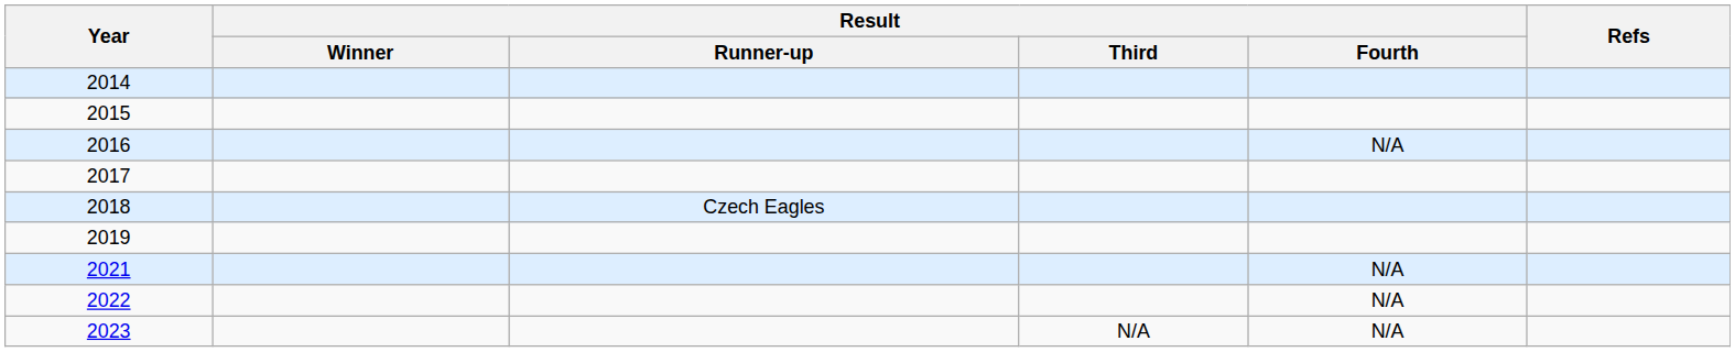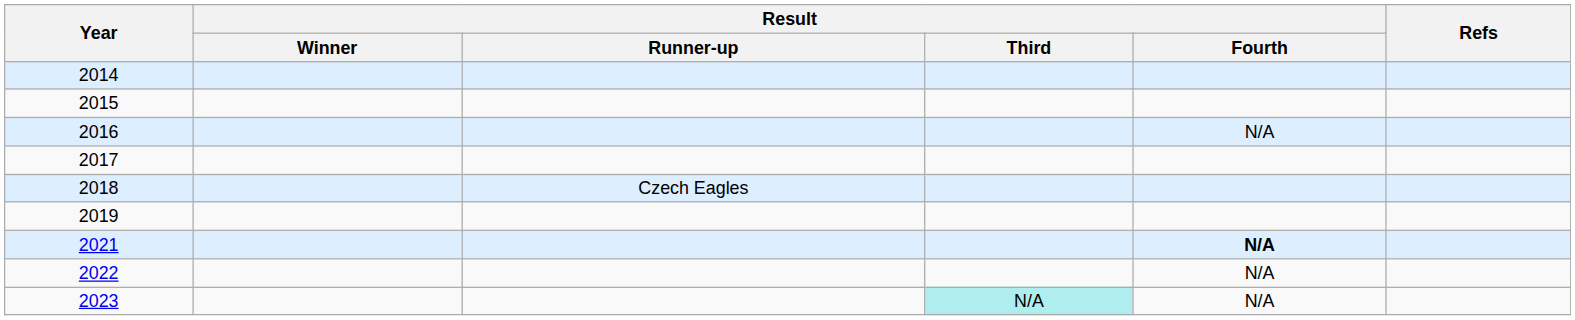 <table class="wikitable" style="font-size:90%; width: 100%; text-align: center;">
 <tr>
 <th rowspan=2>Year</th>
 <th colspan=4>Result</th>
 <th rowspan=2>Refs</th>
 </tr>
 <tr>
 <th>Winner</th>
 <th>Runner-up</th>
 <th>Third</th>
 <th>Fourth</th>
 </tr>
 <tr style="background:#ddeeff">
 <td>2014</td>
 <td></td>
 <td></td>
 <td></td>
 <td></td>
 <td></td>
 </tr>
 <tr>
 <td>2015</td>
 <td></td>
 <td></td>
 <td></td>
 <td></td>
 <td></td>
 </tr>
 <tr style="background:#ddeeff">
 <td>2016</td>
 <td></td>
 <td></td>
 <td></td>
 <td>N/A</td>
 <td></td>
 </tr>
 <tr>
 <td>2017</td>
 <td></td>
 <td></td>
 <td></td>
 <td></td>
 <td></td>
 </tr>
 <tr style="background:#ddeeff">
 <td>2018</td>
 <td></td>
 <td> Czech Eagles</td>
 <td></td>
 <td></td>
 <td></td>
 </tr>
 <tr>
 <td>2019</td>
 <td></td>
 <td></td>
 <td></td>
 <td></td>
 <td></td>
 </tr>
 <tr style="background:#ddeeff">
 <td><a href='#'>2021</a></td>
 <td></td>
 <td></td>
 <td></td>
-<td>N/A</td>
+<td><strong>N/A</strong></td>
 <td></td>
 </tr>
 <tr>
 <td><a href='#'>2022</a></td>
 <td></td>
 <td></td>
 <td></td>
 <td>N/A</td>
 <td></td>
 </tr>
 <tr>
 <td><a href='#'>2023</a></td>
 <td></td>
 <td></td>
-<td>N/A</td>
+<td style="background: paleturquoise;">N/A</td>
 <td>N/A</td>
 <td></td>
 </tr>
 </table>
